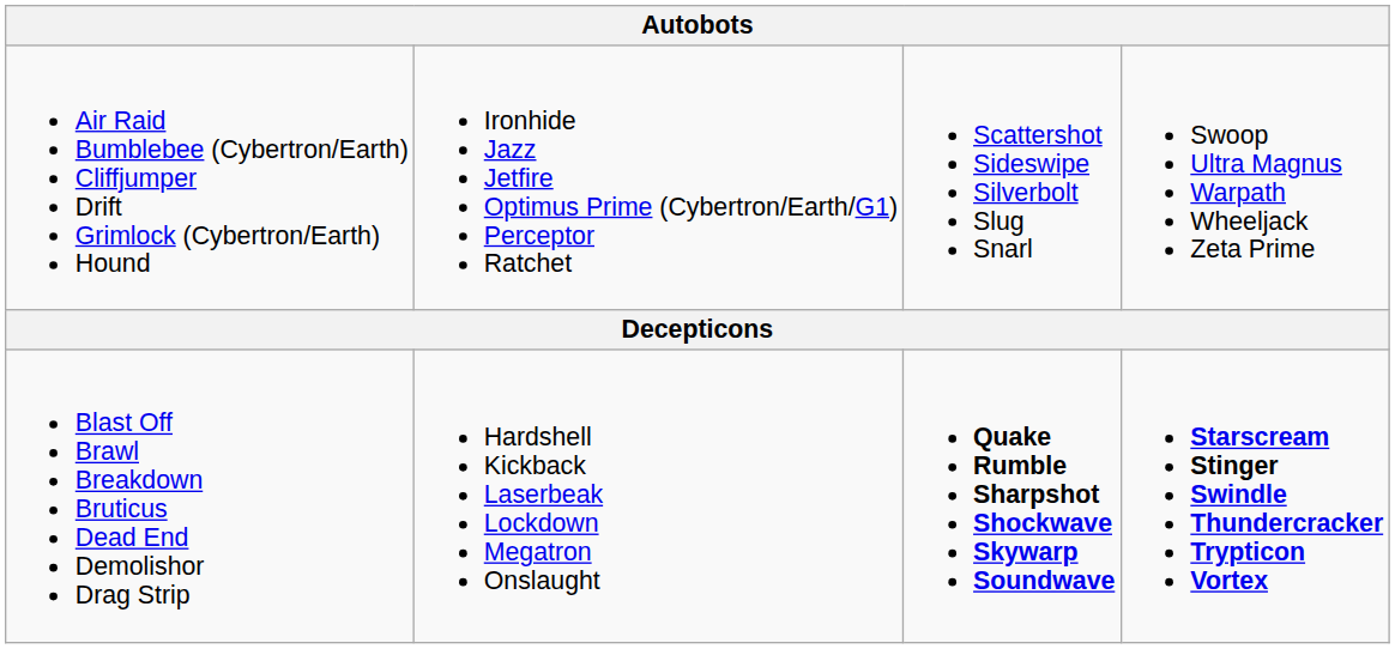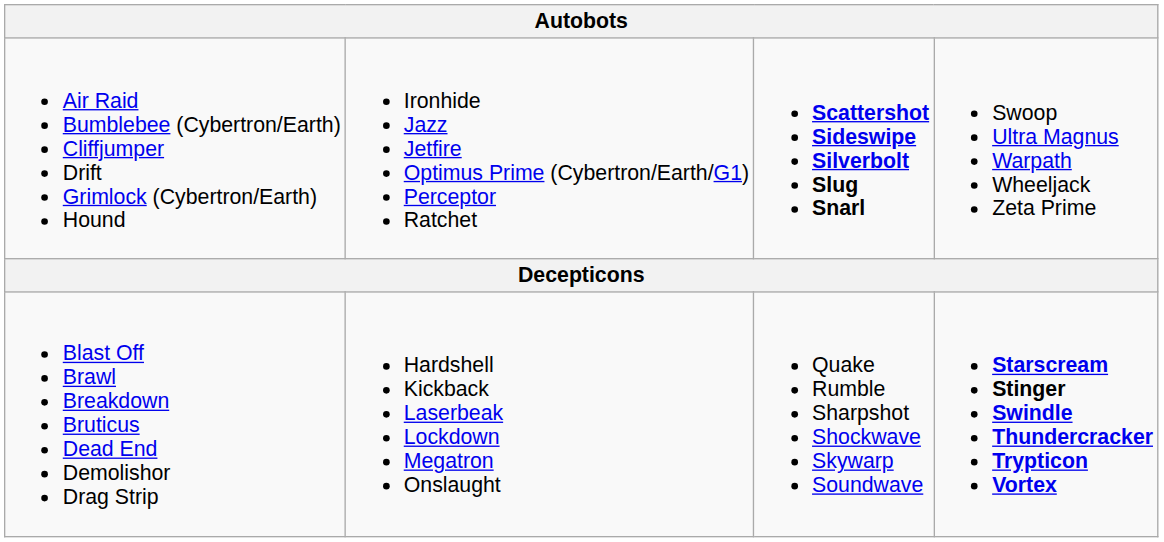 <table class="wikitable">
 <tr>
 <th colspan="4">Autobots</th>
 </tr>
 <tr>
 <td><br><ul><li><a href='#'>Air Raid</a></li><li><a href='#'>Bumblebee</a> (Cybertron/Earth)</li><li><a href='#'>Cliffjumper</a></li><li>Drift</li><li><a href='#'>Grimlock</a> (Cybertron/Earth)</li><li>Hound</li></ul></td>
 <td><br><ul><li>Ironhide</li><li><a href='#'>Jazz</a></li><li><a href='#'>Jetfire</a></li><li><a href='#'>Optimus Prime</a> (Cybertron/Earth/<a href='#'>G1</a>)</li><li><a href='#'>Perceptor</a></li><li>Ratchet</li></ul></td>
-<td><br><ul><li><a href='#'>Scattershot</a></li><li><a href='#'>Sideswipe</a></li><li><a href='#'>Silverbolt</a></li><li>Slug</li><li>Snarl</li></ul></td>
+<td><strong><br><ul><li><a href='#'>Scattershot</a></li><li><a href='#'>Sideswipe</a></li><li><a href='#'>Silverbolt</a></li><li>Slug</li><li>Snarl</li></ul></strong></td>
 <td><br><ul><li>Swoop</li><li><a href='#'>Ultra Magnus</a></li><li><a href='#'>Warpath</a></li><li>Wheeljack</li><li>Zeta Prime</li></ul></td>
 </tr>
 <tr>
 <th colspan="4">Decepticons</th>
 </tr>
 <tr>
 <td><br><ul><li><a href='#'>Blast Off</a></li><li><a href='#'>Brawl</a></li><li><a href='#'>Breakdown</a></li><li><a href='#'>Bruticus</a></li><li><a href='#'>Dead End</a></li><li>Demolishor</li><li>Drag Strip</li></ul></td>
 <td><br><ul><li>Hardshell</li><li>Kickback</li><li><a href='#'>Laserbeak</a></li><li><a href='#'>Lockdown</a></li><li><a href='#'>Megatron</a></li><li>Onslaught</li></ul></td>
-<td><strong><br><ul><li>Quake</li><li>Rumble</li><li>Sharpshot</li><li><a href='#'>Shockwave</a></li><li><a href='#'>Skywarp</a></li><li><a href='#'>Soundwave</a></li></ul></strong></td>
+<td><br><ul><li>Quake</li><li>Rumble</li><li>Sharpshot</li><li><a href='#'>Shockwave</a></li><li><a href='#'>Skywarp</a></li><li><a href='#'>Soundwave</a></li></ul></td>
 <td><strong><br><ul><li><a href='#'>Starscream</a></li><li>Stinger</li><li><a href='#'>Swindle</a></li><li><a href='#'>Thundercracker</a></li><li><a href='#'>Trypticon</a></li><li><a href='#'>Vortex</a></li></ul></strong></td>
 </tr>
 </table>
